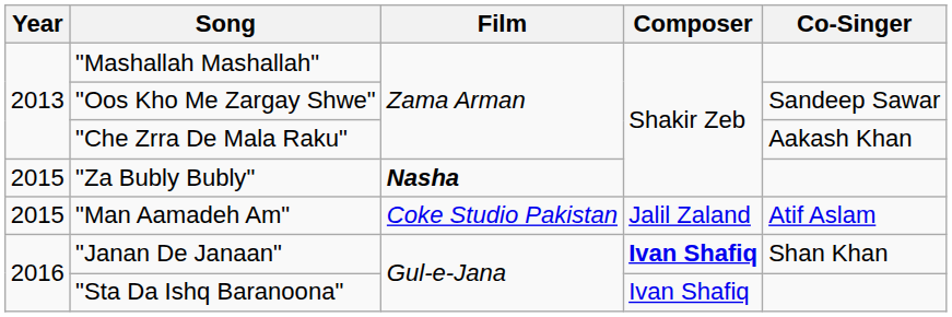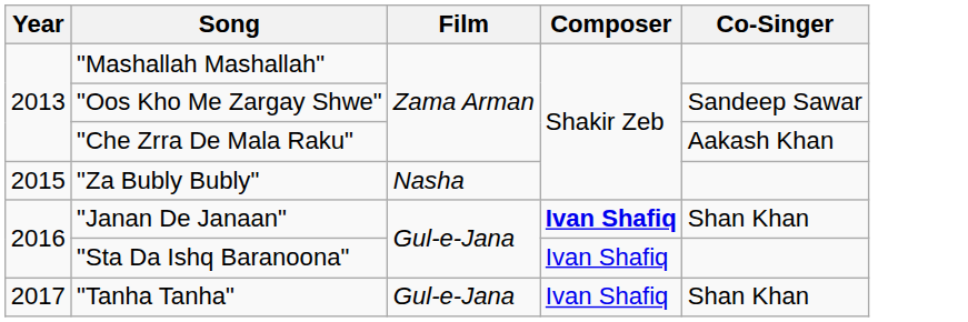 <table class="wikitable">
 <tr>
 <th>Year</th>
 <th>Song</th>
 <th>Film</th>
 <th>Composer</th>
 <th>Co-Singer</th>
 </tr>
 <tr>
 <td rowspan="3">2013</td>
 <td>"Mashallah Mashallah"</td>
 <td rowspan = "3"><em>Zama Arman</em></td>
 <td rowspan = "4">Shakir Zeb</td>
 <td></td>
 </tr>
 <tr>
 <td>"Oos Kho Me Zargay Shwe"</td>
 <td>Sandeep Sawar</td>
 </tr>
 <tr>
 <td>"Che Zrra De Mala Raku"</td>
 <td>Aakash Khan</td>
 </tr>
 <tr>
 <td>2015</td>
 <td>"Za Bubly Bubly"</td>
-<td><strong><em>Nasha</em></strong></td>
+<td><em>Nasha</em></td>
 <td></td>
-</tr>
-<tr>
-<td>2015</td>
-<td>"Man Aamadeh Am"</td>
-<td><em><a href='#'>Coke Studio Pakistan</a></em></td>
-<td><a href='#'>Jalil Zaland</a></td>
-<td><a href='#'>Atif Aslam</a></td>
 </tr>
 <tr>
 <td rowspan = "2">2016</td>
 <td>"Janan De Janaan"</td>
 <td rowspan = "2"><em>Gul-e-Jana</em></td>
 <td><strong><a href='#'>Ivan Shafiq</a></strong></td>
 <td>Shan Khan</td>
 </tr>
 <tr>
 <td>"Sta Da Ishq Baranoona"</td>
 <td><a href='#'>Ivan Shafiq</a></td>
 <td></td>
 </tr>
+<tr>
+<td>2017</td>
+<td>"Tanha Tanha"</td>
+<td rowspan = "1"><em>Gul-e-Jana</em></td>
+<td><a href='#'>Ivan Shafiq</a></td>
+<td>Shan Khan</td>
+</tr>
 </table>
